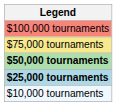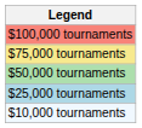 <table class="wikitable sortable mw-collapsible mw-collapsed">
 <tr>
 <th>Legend</th>
 </tr>
 <tr bgcolor="#F88379">
 <td>$100,000 tournaments</td>
 </tr>
 <tr bgcolor="#F7E98E">
 <td>$75,000 tournaments</td>
 </tr>
 <tr bgcolor="#ADDFAD">
-<td><strong>$50,000 tournaments</strong></td>
+<td>$50,000 tournaments</td>
 </tr>
 <tr bgcolor="lightblue">
-<td><strong>$25,000 tournaments</strong></td>
+<td>$25,000 tournaments</td>
 </tr>
 <tr bgcolor="#f0f8ff">
 <td>$10,000 tournaments</td>
 </tr>
 </table>
